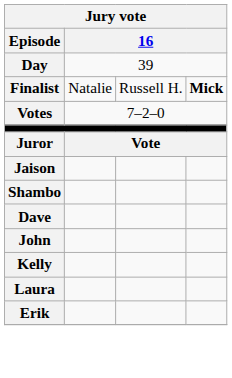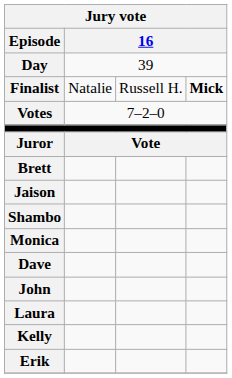 <table class="wikitable" style="text-align:center">
 <tr>
 <th colspan="4">Jury vote</th>
 </tr>
 <tr>
 <th>Episode</th>
 <th colspan="3"><a href='#'>16</a></th>
 </tr>
 <tr>
 <th>Day</th>
 <td colspan="3">39</td>
 </tr>
 <tr>
 <th>Finalist</th>
 <td>Natalie</td>
 <td>Russell H.</td>
 <td><strong>Mick</strong></td>
 </tr>
 <tr>
 <th>Votes</th>
 <td colspan=3>7–2–0</td>
 </tr>
 <tr>
 <td colspan="4" bgcolor="black"></td>
 </tr>
 <tr>
 <th>Juror</th>
 <th colspan="3">Vote</th>
 </tr>
 <tr>
+<th>Brett</th>
+<td></td>
+<td></td>
+<td></td>
+</tr>
+<tr>
 <th>Jaison</th>
 <td></td>
 <td></td>
 <td></td>
 </tr>
 <tr>
 <th>Shambo</th>
+<td></td>
+<td></td>
+<td></td>
+</tr>
+<tr>
+<th>Monica</th>
 <td></td>
 <td></td>
 <td></td>
 </tr>
 <tr>
 <th>Dave</th>
 <td></td>
 <td></td>
 <td></td>
 </tr>
 <tr>
 <th>John</th>
 <td></td>
 <td></td>
 <td></td>
 </tr>
 <tr>
-<th>Kelly</th>
+<th>Laura</th>
 <td></td>
 <td></td>
 <td></td>
 </tr>
 <tr>
-<th>Laura</th>
+<th>Kelly</th>
 <td></td>
 <td></td>
 <td></td>
 </tr>
 <tr>
 <th>Erik</th>
 <td></td>
 <td></td>
 <td></td>
 </tr>
 <tr>
 </tr>
 </table>
